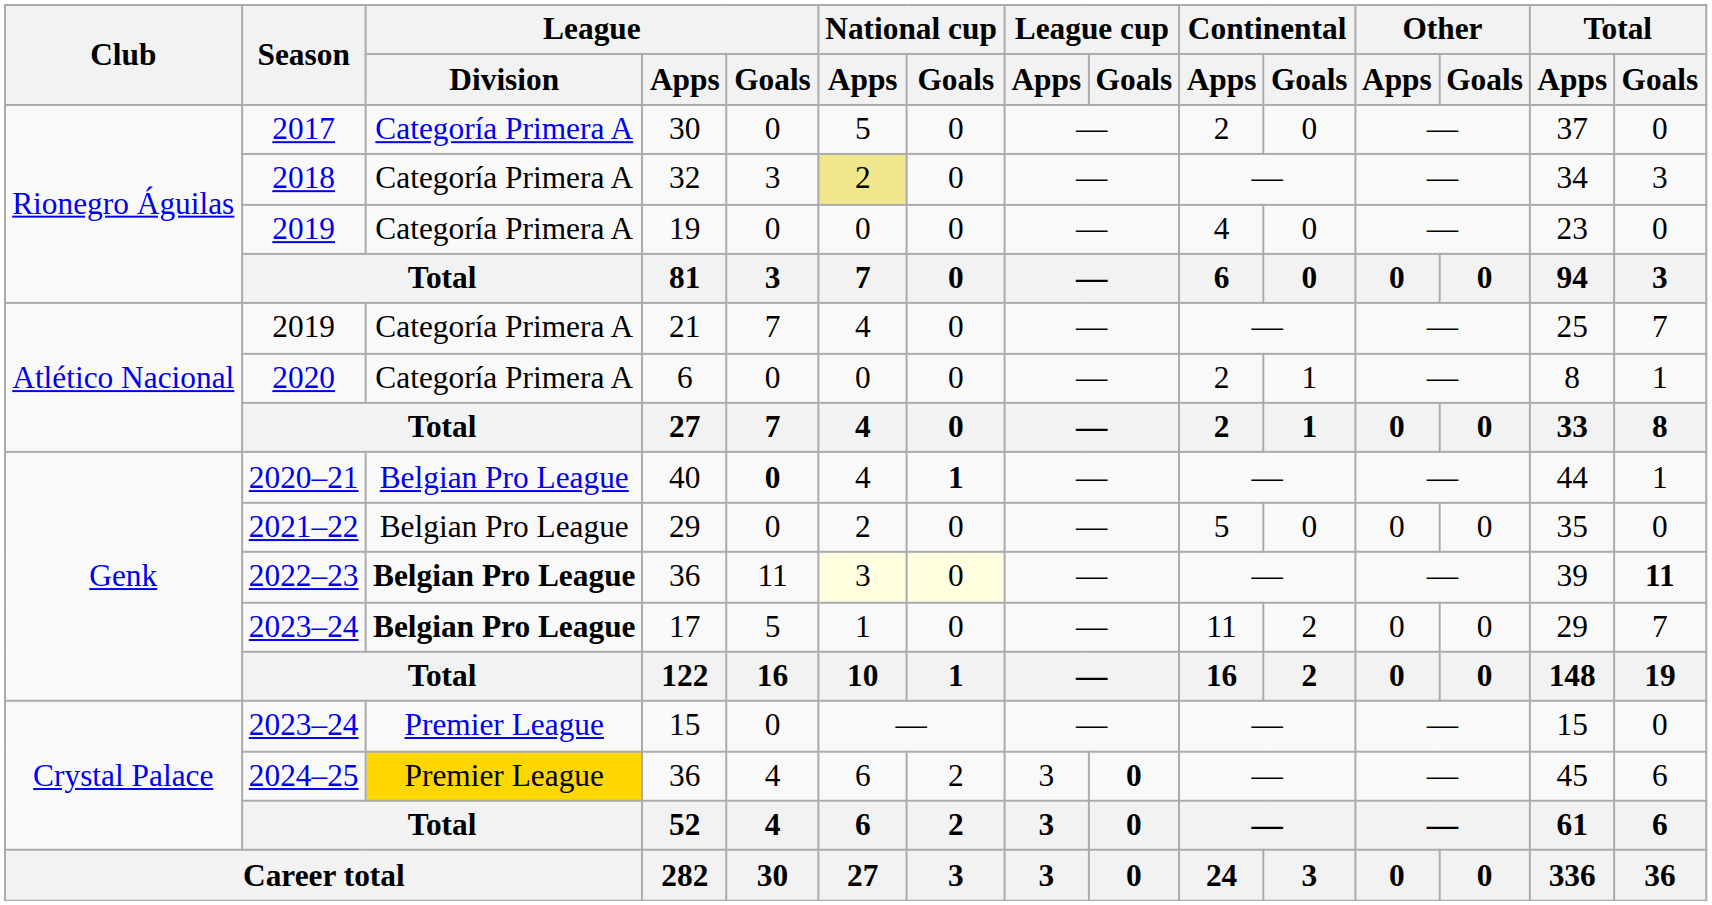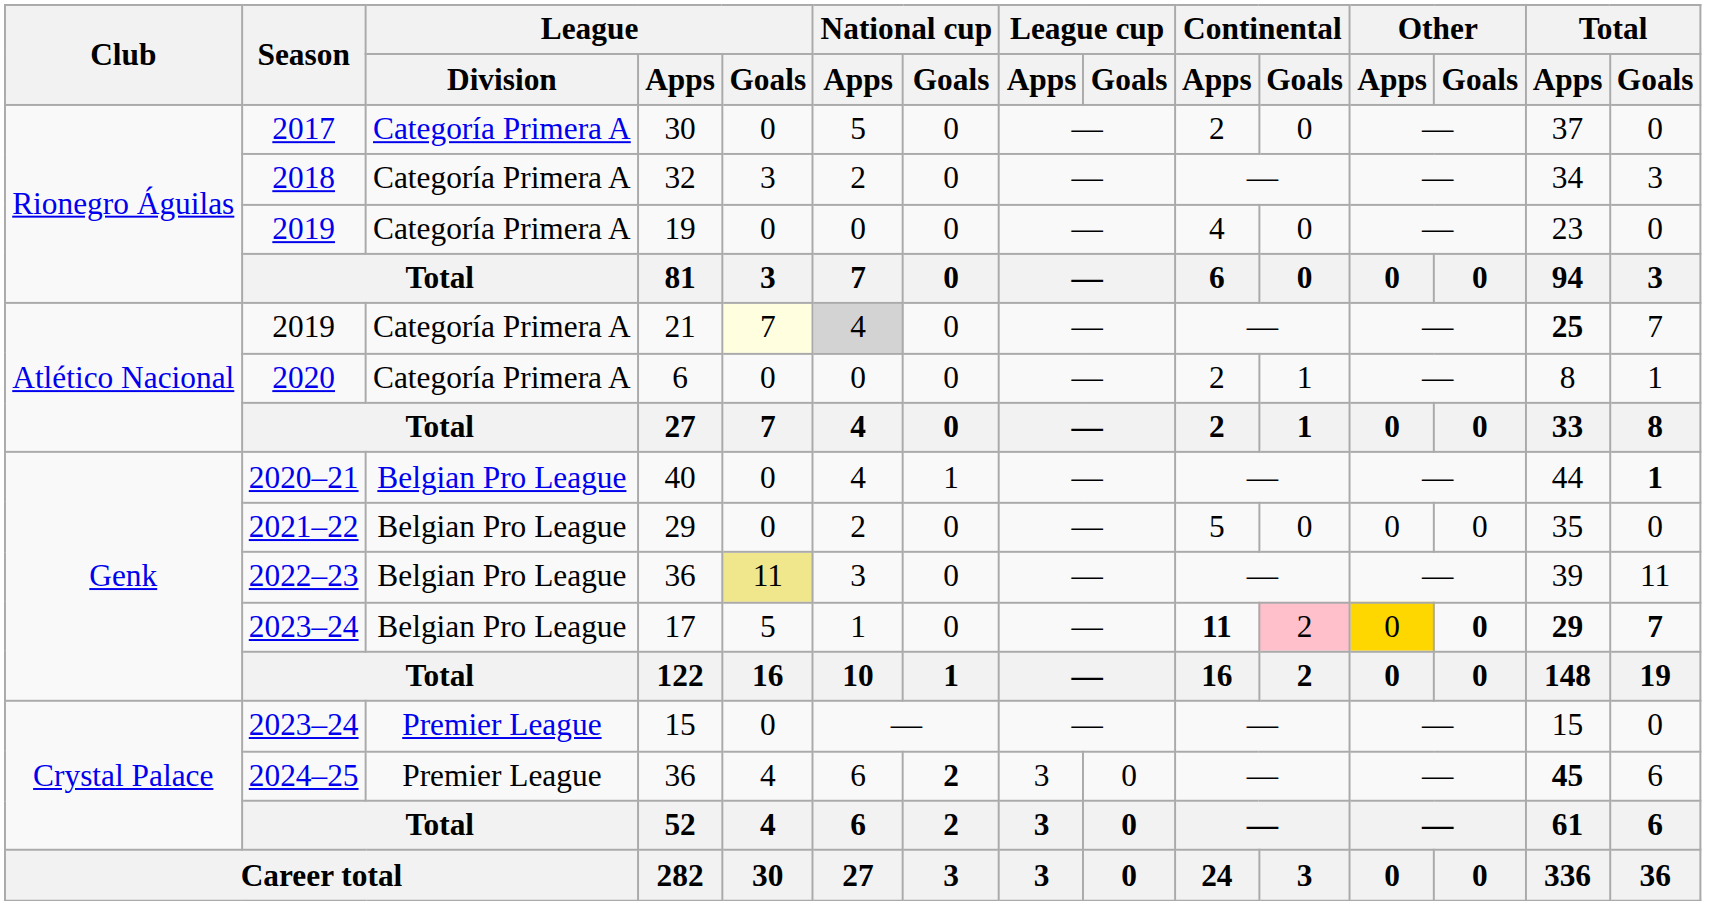 <table class="wikitable" style="text-align:center">
 <tr>
 <th rowspan="2">Club</th>
 <th rowspan="2">Season</th>
 <th colspan="3">League</th>
 <th colspan="2">National cup</th>
 <th colspan="2">League cup</th>
 <th colspan="2">Continental</th>
 <th colspan="2">Other</th>
 <th colspan="2">Total</th>
 </tr>
 <tr>
 <th>Division</th>
 <th>Apps</th>
 <th>Goals</th>
 <th>Apps</th>
 <th>Goals</th>
 <th>Apps</th>
 <th>Goals</th>
 <th>Apps</th>
 <th>Goals</th>
 <th>Apps</th>
 <th>Goals</th>
 <th>Apps</th>
 <th>Goals</th>
 </tr>
 <tr>
 <td rowspan="4"><a href='#'>Rionegro Águilas</a></td>
 <td><a href='#'>2017</a></td>
 <td><a href='#'>Categoría Primera A</a></td>
 <td>30</td>
 <td>0</td>
 <td>5</td>
 <td>0</td>
 <td colspan="2">—</td>
 <td>2</td>
 <td>0</td>
 <td colspan="2">—</td>
 <td>37</td>
 <td>0</td>
 </tr>
 <tr>
 <td><a href='#'>2018</a></td>
 <td>Categoría Primera A</td>
 <td>32</td>
 <td>3</td>
-<td style="background: khaki;">2</td>
+<td>2</td>
 <td>0</td>
 <td colspan="2">—</td>
 <td colspan="2">—</td>
 <td colspan="2">—</td>
 <td>34</td>
 <td>3</td>
 </tr>
 <tr>
 <td><a href='#'>2019</a></td>
 <td>Categoría Primera A</td>
 <td>19</td>
 <td>0</td>
 <td>0</td>
 <td>0</td>
 <td colspan="2">—</td>
 <td>4</td>
 <td>0</td>
 <td colspan="2">—</td>
 <td>23</td>
 <td>0</td>
 </tr>
 <tr>
 <th colspan="2">Total</th>
 <th>81</th>
 <th>3</th>
 <th>7</th>
 <th>0</th>
 <th colspan="2">—</th>
 <th>6</th>
 <th>0</th>
 <th>0</th>
 <th>0</th>
 <th>94</th>
 <th>3</th>
 </tr>
 <tr>
 <td rowspan="3"><a href='#'>Atlético Nacional</a></td>
 <td>2019</td>
 <td>Categoría Primera A</td>
 <td>21</td>
-<td>7</td>
-<td>4</td>
+<td style="background: lightyellow;">7</td>
+<td style="background: lightgrey;">4</td>
 <td>0</td>
 <td colspan="2">—</td>
 <td colspan="2">—</td>
 <td colspan="2">—</td>
-<td>25</td>
+<td><strong>25</strong></td>
 <td>7</td>
 </tr>
 <tr>
 <td><a href='#'>2020</a></td>
 <td>Categoría Primera A</td>
 <td>6</td>
 <td>0</td>
 <td>0</td>
 <td>0</td>
 <td colspan="2">—</td>
 <td>2</td>
 <td>1</td>
 <td colspan="2">—</td>
 <td>8</td>
 <td>1</td>
 </tr>
 <tr>
 <th colspan="2">Total</th>
 <th>27</th>
 <th>7</th>
 <th>4</th>
 <th>0</th>
 <th colspan="2">—</th>
 <th>2</th>
 <th>1</th>
 <th>0</th>
 <th>0</th>
 <th>33</th>
 <th>8</th>
 </tr>
 <tr>
 <td rowspan="5"><a href='#'>Genk</a></td>
 <td><a href='#'>2020–21</a></td>
 <td><a href='#'>Belgian Pro League</a></td>
 <td>40</td>
-<td><strong>0</strong></td>
+<td>0</td>
 <td>4</td>
-<td><strong>1</strong></td>
+<td>1</td>
 <td colspan="2">—</td>
 <td colspan="2">—</td>
 <td colspan="2">—</td>
 <td>44</td>
-<td>1</td>
+<td><strong>1</strong></td>
 </tr>
 <tr>
 <td><a href='#'>2021–22</a></td>
 <td>Belgian Pro League</td>
 <td>29</td>
 <td>0</td>
 <td>2</td>
 <td>0</td>
 <td colspan="2">—</td>
 <td>5</td>
 <td>0</td>
 <td>0</td>
 <td>0</td>
 <td>35</td>
 <td>0</td>
 </tr>
 <tr>
 <td><a href='#'>2022–23</a></td>
-<td><strong>Belgian Pro League</strong></td>
+<td>Belgian Pro League</td>
 <td>36</td>
-<td>11</td>
-<td style="background: lightyellow;">3</td>
-<td style="background: lightyellow;">0</td>
+<td style="background: khaki;">11</td>
+<td>3</td>
+<td>0</td>
 <td colspan="2">—</td>
 <td colspan="2">—</td>
 <td colspan="2">—</td>
 <td>39</td>
-<td><strong>11</strong></td>
+<td>11</td>
 </tr>
 <tr>
 <td><a href='#'>2023–24</a></td>
-<td><strong>Belgian Pro League</strong></td>
+<td>Belgian Pro League</td>
 <td>17</td>
 <td>5</td>
 <td>1</td>
 <td>0</td>
 <td colspan="2">—</td>
-<td>11</td>
-<td>2</td>
-<td>0</td>
-<td>0</td>
-<td>29</td>
-<td>7</td>
+<td><strong>11</strong></td>
+<td style="background: pink;">2</td>
+<td style="background: gold;">0</td>
+<td><strong>0</strong></td>
+<td><strong>29</strong></td>
+<td><strong>7</strong></td>
 </tr>
 <tr>
 <th colspan="2">Total</th>
 <th>122</th>
 <th>16</th>
 <th>10</th>
 <th>1</th>
 <th colspan="2">—</th>
 <th>16</th>
 <th>2</th>
 <th>0</th>
 <th>0</th>
 <th>148</th>
 <th>19</th>
 </tr>
 <tr>
 <td rowspan="3"><a href='#'>Crystal Palace</a></td>
 <td><a href='#'>2023–24</a></td>
 <td><a href='#'>Premier League</a></td>
 <td>15</td>
 <td>0</td>
 <td colspan="2">—</td>
 <td colspan="2">—</td>
 <td colspan="2">—</td>
 <td colspan="2">—</td>
 <td>15</td>
 <td>0</td>
 </tr>
 <tr>
 <td><a href='#'>2024–25</a></td>
-<td style="background: gold;">Premier League</td>
+<td>Premier League</td>
 <td>36</td>
 <td>4</td>
 <td>6</td>
-<td>2</td>
+<td><strong>2</strong></td>
 <td>3</td>
-<td><strong>0</strong></td>
+<td>0</td>
 <td colspan="2">—</td>
 <td colspan="2">—</td>
-<td>45</td>
+<td><strong>45</strong></td>
 <td>6</td>
 </tr>
 <tr>
 <th colspan="2">Total</th>
 <th>52</th>
 <th>4</th>
 <th>6</th>
 <th>2</th>
 <th>3</th>
 <th>0</th>
 <th colspan="2">—</th>
 <th colspan="2">—</th>
 <th>61</th>
 <th>6</th>
 </tr>
 <tr>
 <th colspan="3">Career total</th>
 <th>282</th>
 <th>30</th>
 <th>27</th>
 <th>3</th>
 <th>3</th>
 <th>0</th>
 <th>24</th>
 <th>3</th>
 <th>0</th>
 <th>0</th>
 <th>336</th>
 <th>36</th>
 </tr>
 </table>
